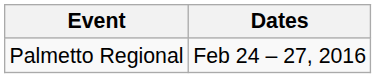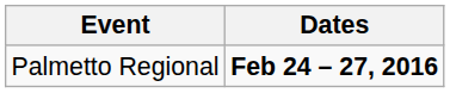 <table class="wikitable">
 <tr>
 <th>Event</th>
 <th>Dates</th>
 </tr>
 <tr>
 <td>Palmetto Regional</td>
-<td>Feb 24 – 27, 2016</td>
+<td><strong>Feb 24 – 27, 2016</strong></td>
 </tr>
 </table>
